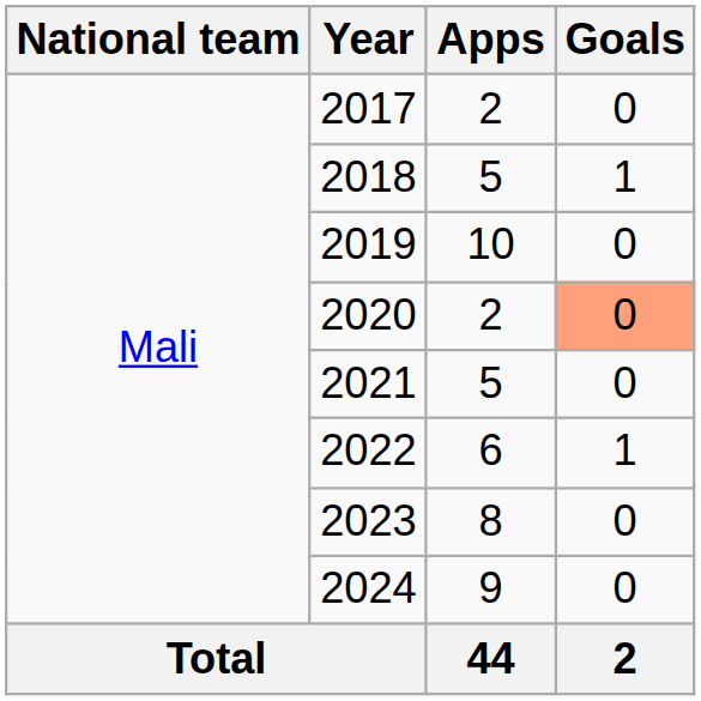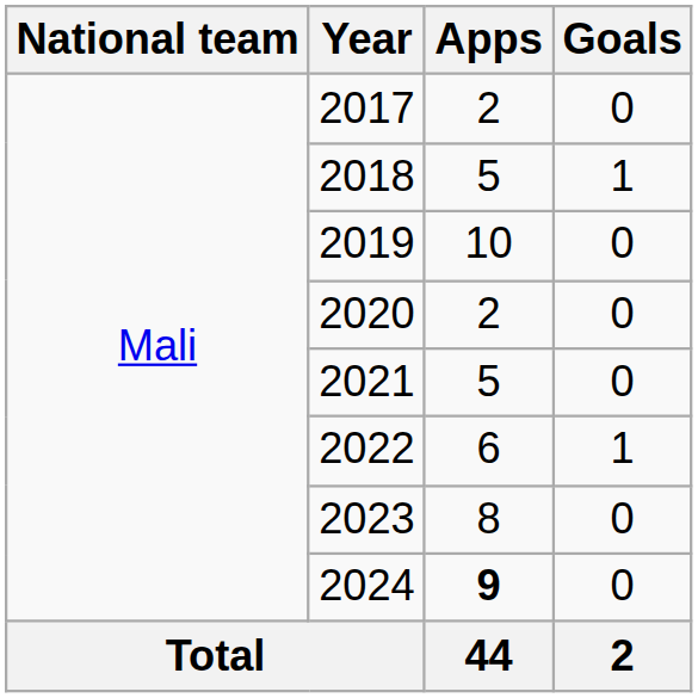 <table class="wikitable" style="text-align:center">
 <tr>
 <th>National team</th>
 <th>Year</th>
 <th>Apps</th>
 <th>Goals</th>
 </tr>
 <tr>
 <td rowspan="8"><a href='#'>Mali</a></td>
 <td>2017</td>
 <td>2</td>
 <td>0</td>
 </tr>
 <tr>
 <td>2018</td>
 <td>5</td>
 <td>1</td>
 </tr>
 <tr>
 <td>2019</td>
 <td>10</td>
 <td>0</td>
 </tr>
 <tr>
 <td>2020</td>
 <td>2</td>
-<td style="background: lightsalmon;">0</td>
+<td>0</td>
 </tr>
 <tr>
 <td>2021</td>
 <td>5</td>
 <td>0</td>
 </tr>
 <tr>
 <td>2022</td>
 <td>6</td>
 <td>1</td>
 </tr>
 <tr>
 <td>2023</td>
 <td>8</td>
 <td>0</td>
 </tr>
 <tr>
 <td>2024</td>
-<td>9</td>
+<td><strong>9</strong></td>
 <td>0</td>
 </tr>
 <tr>
 <th colspan="2">Total</th>
 <th>44</th>
 <th>2</th>
 </tr>
 </table>
